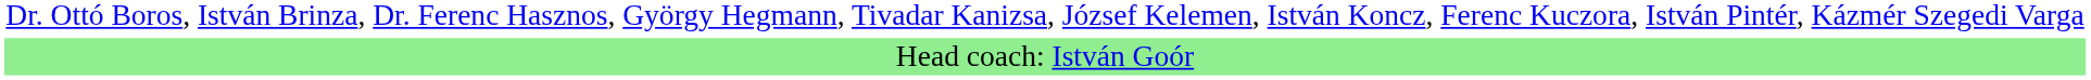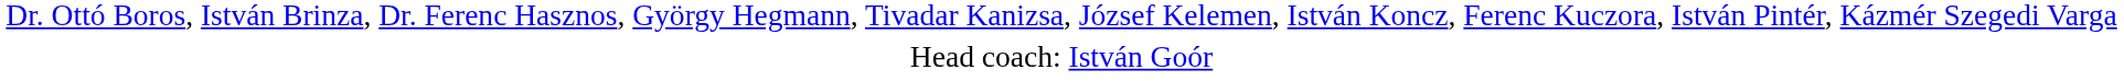 <table style="text-align: center; margin-top: 2em; margin-left: auto; margin-right: auto">
 <tr>
 <td><a href='#'>Dr. Ottó Boros</a>, <a href='#'>István Brinza</a>, <a href='#'>Dr. Ferenc Hasznos</a>, <a href='#'>György Hegmann</a>, <a href='#'>Tivadar Kanizsa</a>, <a href='#'>József Kelemen</a>, <a href='#'>István Koncz</a>, <a href='#'>Ferenc Kuczora</a>, <a href='#'>István Pintér</a>, <a href='#'>Kázmér Szegedi Varga</a></td>
 </tr>
 <tr>
-<td style="background: lightgreen;">Head coach: <a href='#'>István Goór</a></td>
+<td>Head coach: <a href='#'>István Goór</a></td>
 </tr>
 </table>
